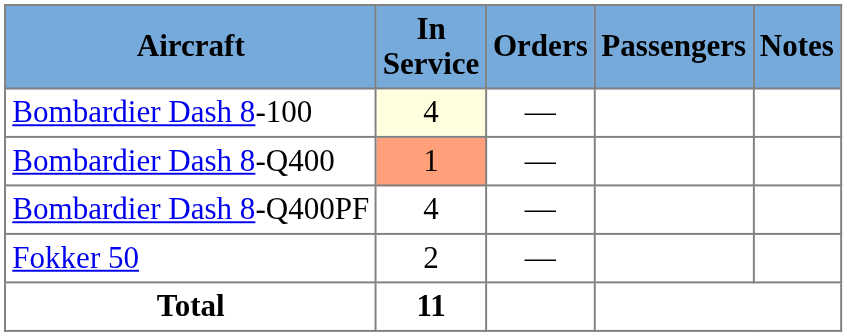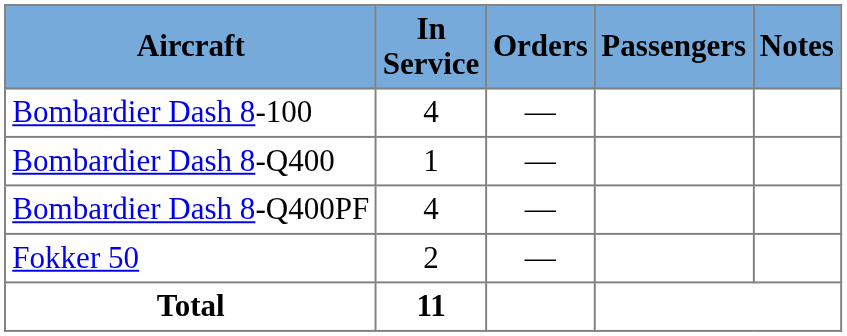 <table class="toccolours" border="1" cellpadding="3" style="margin:1em auto; border-collapse:collapse">
 <tr bgcolor=#75aadb>
 <th>Aircraft</th>
 <th>In<br>Service</th>
 <th>Orders</th>
 <th>Passengers</th>
 <th>Notes</th>
 </tr>
 <tr>
 <td><a href='#'>Bombardier Dash 8</a>-100</td>
-<td align="center" style="background: lightyellow;">4</td>
+<td align="center">4</td>
 <td align="center">—</td>
 <td align="center"></td>
 <td></td>
 </tr>
 <tr>
 <td><a href='#'>Bombardier Dash 8</a>-Q400</td>
-<td align="center" style="background: lightsalmon;">1</td>
+<td align="center">1</td>
 <td align="center">—</td>
 <td align="center"></td>
 <td></td>
 </tr>
 <tr>
 <td><a href='#'>Bombardier Dash 8</a>-Q400PF</td>
 <td align="center">4</td>
 <td align="center">—</td>
 <td align="center"></td>
 <td></td>
 </tr>
 <tr>
 <td><a href='#'>Fokker 50</a></td>
 <td align="center">2</td>
 <td align="center">—</td>
 <td align="center"></td>
 <td></td>
 </tr>
 <tr>
 <th>Total</th>
 <th>11</th>
 <th></th>
 <th colspan="2"></th>
 </tr>
 </table>
